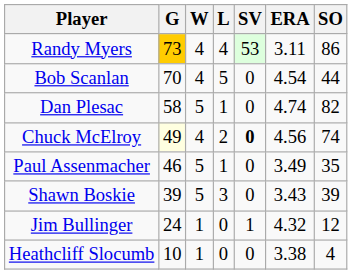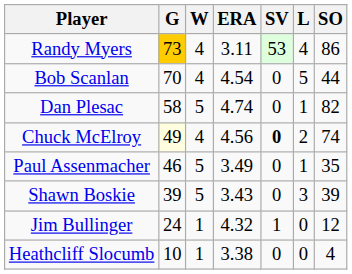 <table class="wikitable sortable" style="text-align:center">
 <tr>
 <th>Player</th>
 <th>G</th>
 <th>W</th>
+<th>ERA</th>
+<th>SV</th>
 <th>L</th>
-<th>SV</th>
-<th>ERA</th>
 <th>SO</th>
 </tr>
 <tr>
 <td><a href='#'>Randy Myers</a></td>
 <td style="background:#fc0;">73</td>
 <td>4</td>
+<td>3.11</td>
+<td style="background:#DDFFDD;">53</td>
 <td>4</td>
-<td style="background:#DDFFDD;">53</td>
-<td>3.11</td>
 <td>86</td>
 </tr>
 <tr>
 <td><a href='#'>Bob Scanlan</a></td>
 <td>70</td>
 <td>4</td>
+<td>4.54</td>
+<td>0</td>
 <td>5</td>
-<td>0</td>
-<td>4.54</td>
 <td>44</td>
 </tr>
 <tr>
 <td><a href='#'>Dan Plesac</a></td>
 <td>58</td>
 <td>5</td>
+<td>4.74</td>
+<td>0</td>
 <td>1</td>
-<td>0</td>
-<td>4.74</td>
 <td>82</td>
 </tr>
 <tr>
 <td><a href='#'>Chuck McElroy</a></td>
 <td style="background: lightyellow;">49</td>
 <td>4</td>
+<td>4.56</td>
+<td><strong>0</strong></td>
 <td>2</td>
-<td><strong>0</strong></td>
-<td>4.56</td>
 <td>74</td>
 </tr>
 <tr>
 <td><a href='#'>Paul Assenmacher</a></td>
 <td>46</td>
 <td>5</td>
+<td>3.49</td>
+<td>0</td>
 <td>1</td>
-<td>0</td>
-<td>3.49</td>
 <td>35</td>
 </tr>
 <tr>
 <td><a href='#'>Shawn Boskie</a></td>
 <td>39</td>
 <td>5</td>
+<td>3.43</td>
+<td>0</td>
 <td>3</td>
-<td>0</td>
-<td>3.43</td>
 <td>39</td>
 </tr>
 <tr>
 <td><a href='#'>Jim Bullinger</a></td>
 <td>24</td>
 <td>1</td>
+<td>4.32</td>
+<td>1</td>
 <td>0</td>
-<td>1</td>
-<td>4.32</td>
 <td>12</td>
 </tr>
 <tr>
 <td><a href='#'>Heathcliff Slocumb</a></td>
 <td>10</td>
 <td>1</td>
+<td>3.38</td>
 <td>0</td>
 <td>0</td>
-<td>3.38</td>
 <td>4</td>
 </tr>
 </table>
